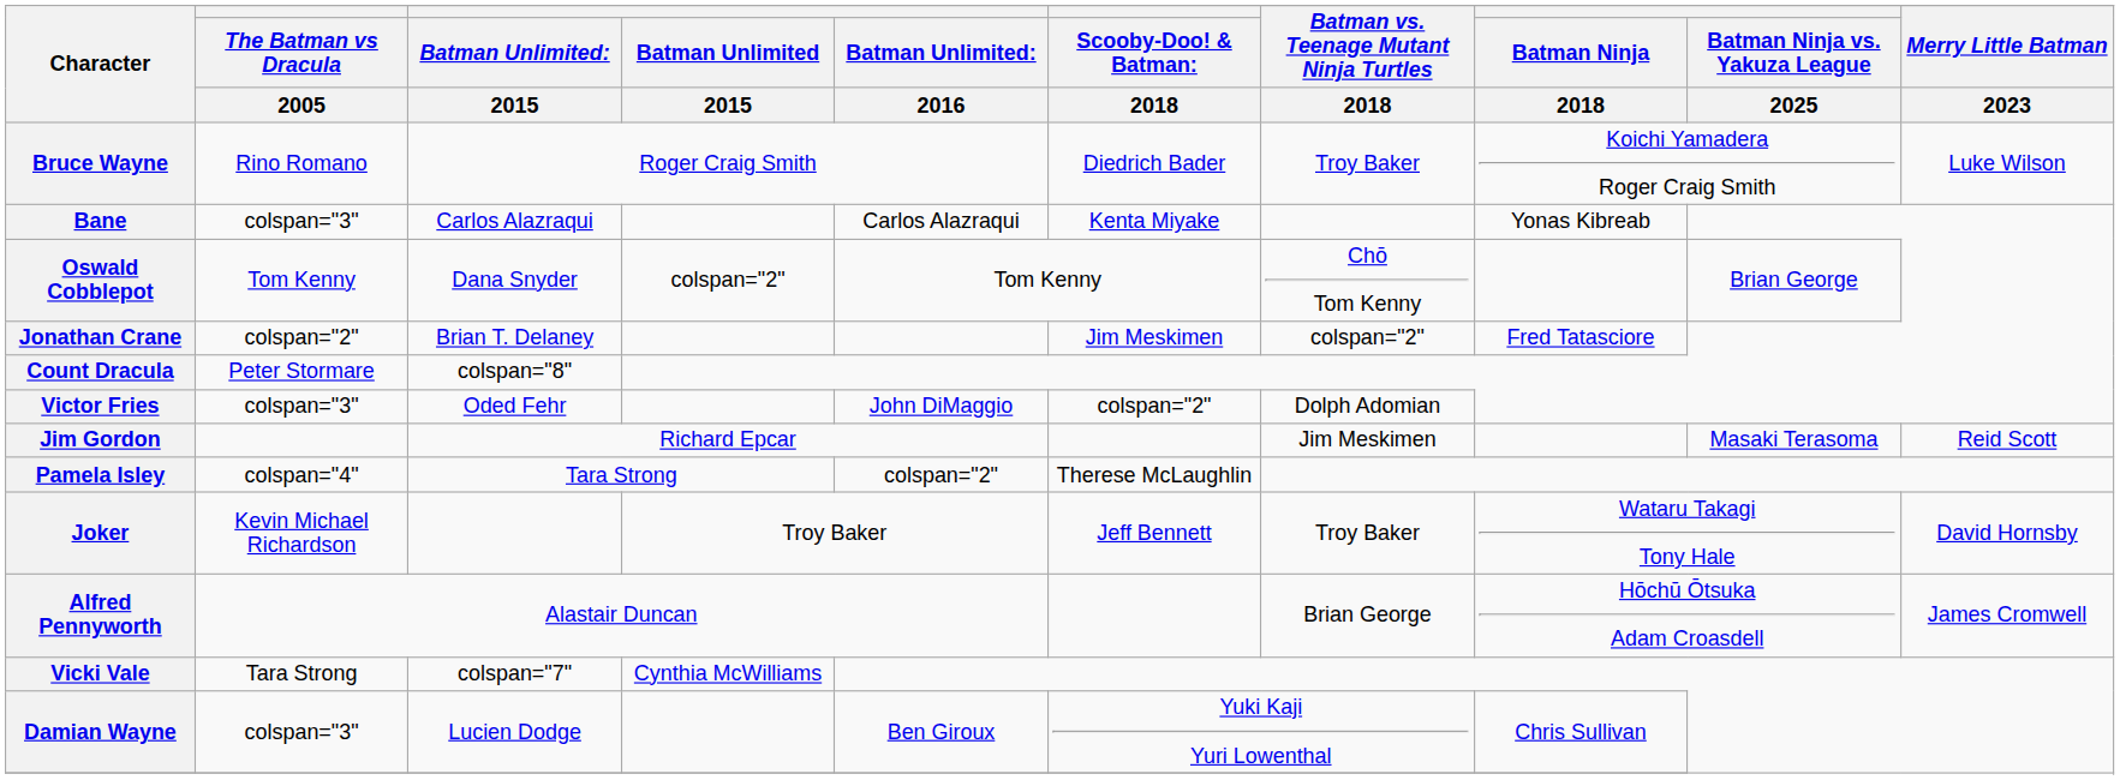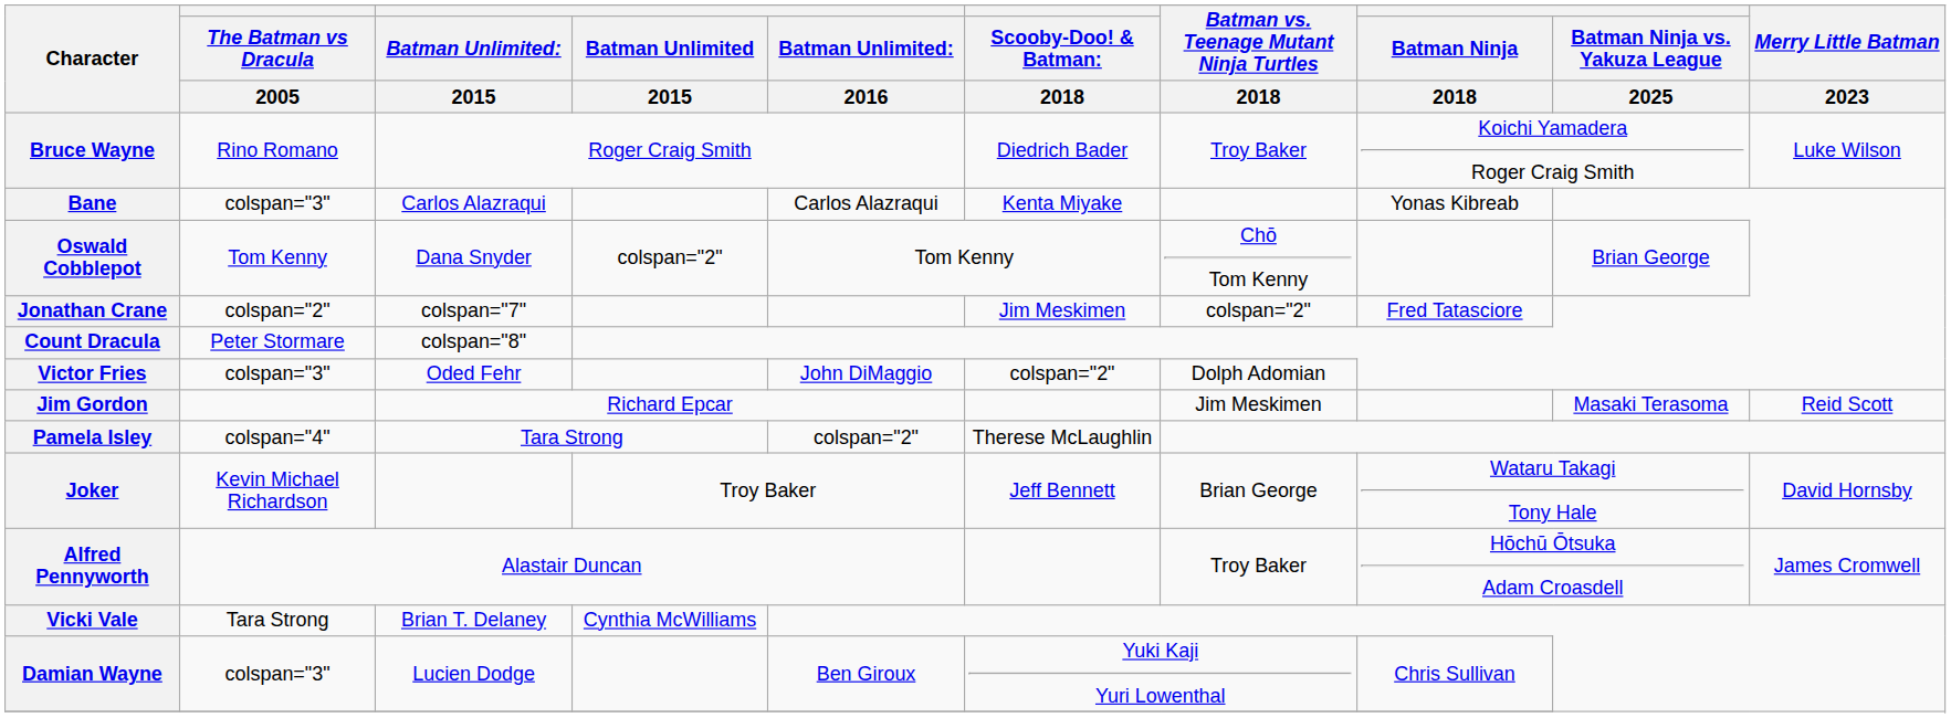 <table class="wikitable" style="text-align:center; width:99%">
 <tr>
 <th rowspan="4" width="8%">Character</th>
 </tr>
 <tr>
 <th style="text-align:center;"></th>
 <th colspan="3" style="text-align:center;"></th>
 <th style="text-align:center;"></th>
 <th rowspan="2" style="text-align:center;" width="9%"><em><a href='#'>Batman vs. Teenage Mutant Ninja Turtles</a></em></th>
 <th colspan="2" style="text-align:center;"></th>
 <th rowspan="2" style="text-align:center;" width="9%"><em><a href='#'>Merry Little Batman</a></em></th>
 </tr>
 <tr>
 <th align="center" width="9%"><em><a href='#'>The Batman vs Dracula</a></em></th>
 <th align="center" width="9%"><a href='#'><em>Batman Unlimited:<br></em></a></th>
 <th align="center" width="9%"><a href='#'>Batman Unlimited<br><em></a></th>
 <th align="center" width="9%"><a href='#'></em>Batman Unlimited:<br><em></a></th>
 <th align="center" width="9%"><a href='#'></em>Scooby-Doo! & Batman:<br><em></a></th>
 <th align="center" width="9%"></em><a href='#'>Batman Ninja</a><em></th>
 <th align="center" width="9%"></em><a href='#'>Batman Ninja vs. Yakuza League</a><em></th>
 </tr>
 <tr>
 <th>2005</th>
 <th>2015</th>
 <th>2015</th>
 <th>2016</th>
 <th>2018</th>
 <th>2018</th>
 <th>2018</th>
 <th>2025</th>
 <th>2023</th>
 </tr>
 <tr>
 <th><a href='#'>Bruce Wayne<br></a></th>
 <td><a href='#'>Rino Romano</a></td>
 <td colspan="3"><a href='#'>Roger Craig Smith</a></td>
 <td><a href='#'>Diedrich Bader</a></td>
 <td><a href='#'>Troy Baker</a></td>
 <td colspan="2"><a href='#'>Koichi Yamadera</a><hr>Roger Craig Smith</td>
 <td><a href='#'>Luke Wilson</a></td>
 </tr>
 <tr>
 <th><a href='#'>Bane</a></th>
 <td>colspan="3" </td>
 <td><a href='#'>Carlos Alazraqui</a></td>
 <td></td>
 <td>Carlos Alazraqui</td>
 <td><a href='#'>Kenta Miyake</a></td>
 <td></td>
 <td>Yonas Kibreab</td>
 </tr>
 <tr>
 <th><a href='#'>Oswald Cobblepot<br></a></th>
 <td><a href='#'>Tom Kenny</a></td>
 <td><a href='#'>Dana Snyder</a></td>
 <td>colspan="2" </td>
 <td colspan="2">Tom Kenny</td>
 <td><a href='#'>Chō</a><hr>Tom Kenny</td>
 <td></td>
 <td><a href='#'>Brian George</a></td>
 </tr>
 <tr>
 <th><a href='#'>Jonathan Crane<br></a></th>
 <td>colspan="2" </td>
-<td><a href='#'>Brian T. Delaney</a></td>
+<td>colspan="7" </td>
 <td></td>
 <td></td>
 <td><a href='#'>Jim Meskimen</a></td>
 <td>colspan="2" </td>
 <td><a href='#'>Fred Tatasciore</a></td>
 </tr>
 <tr>
 <th><a href='#'>Count Dracula</a></th>
 <td><a href='#'>Peter Stormare</a></td>
 <td>colspan="8" </td>
 </tr>
 <tr>
 <th><a href='#'>Victor Fries<br></a></th>
 <td>colspan="3" </td>
 <td><a href='#'>Oded Fehr</a></td>
 <td></td>
 <td><a href='#'>John DiMaggio</a></td>
 <td>colspan="2" </td>
 <td>Dolph Adomian</td>
 </tr>
 <tr>
 <th><a href='#'>Jim Gordon</a></th>
 <td></td>
 <td colspan="3"><a href='#'>Richard Epcar</a></td>
 <td></td>
 <td>Jim Meskimen</td>
 <td></td>
 <td><a href='#'>Masaki Terasoma</a></td>
 <td><a href='#'>Reid Scott</a></td>
 </tr>
 <tr>
 <th><a href='#'>Pamela Isley<br></a></th>
 <td>colspan="4" </td>
 <td colspan="2"><a href='#'>Tara Strong</a></td>
 <td>colspan="2" </td>
 <td>Therese McLaughlin</td>
 </tr>
 <tr>
 <th><a href='#'>Joker</a></th>
 <td><a href='#'>Kevin Michael Richardson</a></td>
 <td></td>
 <td colspan="2">Troy Baker</td>
 <td><a href='#'>Jeff Bennett</a></td>
-<td>Troy Baker</td>
+<td>Brian George</td>
 <td colspan="2"><a href='#'>Wataru Takagi</a><hr><a href='#'>Tony Hale</a></td>
 <td><a href='#'>David Hornsby</a></td>
 </tr>
 <tr>
 <th><a href='#'>Alfred Pennyworth</a></th>
 <td colspan="4"><a href='#'>Alastair Duncan</a></td>
 <td></td>
-<td>Brian George</td>
+<td>Troy Baker</td>
 <td colspan="2"><a href='#'>Hōchū Ōtsuka</a><hr><a href='#'>Adam Croasdell</a></td>
 <td><a href='#'>James Cromwell</a></td>
 </tr>
 <tr>
 <th><a href='#'>Vicki Vale</a></th>
 <td>Tara Strong</td>
-<td>colspan="7" </td>
+<td><a href='#'>Brian T. Delaney</a></td>
 <td><a href='#'>Cynthia McWilliams</a></td>
 </tr>
 <tr>
 <th><a href='#'>Damian Wayne<br></a></th>
 <td>colspan="3" </td>
 <td><a href='#'>Lucien Dodge</a></td>
 <td></td>
 <td><a href='#'>Ben Giroux</a></td>
 <td colspan="2"><a href='#'>Yuki Kaji</a><hr><a href='#'>Yuri Lowenthal</a></td>
 <td><a href='#'>Chris Sullivan</a></td>
 </tr>
 <tr>
 </tr>
 </table>
